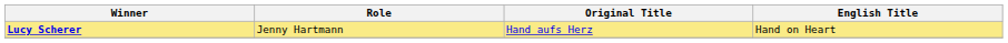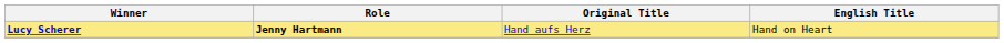 <table class="wikitable" width="100%">
 <tr bgcolor="#bebebe">
 <th width="25%">Winner</th>
 <th width="25%">Role</th>
 <th width="25%">Original Title</th>
 <th width="25%">English Title</th>
 </tr>
 <tr style="background:#FAEB86">
 <td><strong><a href='#'>Lucy Scherer</a></strong></td>
-<td>Jenny Hartmann</td>
+<td><strong>Jenny Hartmann</strong></td>
 <td><a href='#'>Hand aufs Herz</a></td>
 <td>Hand on Heart</td>
 </tr>
 <tr>
 </tr>
 </table>
